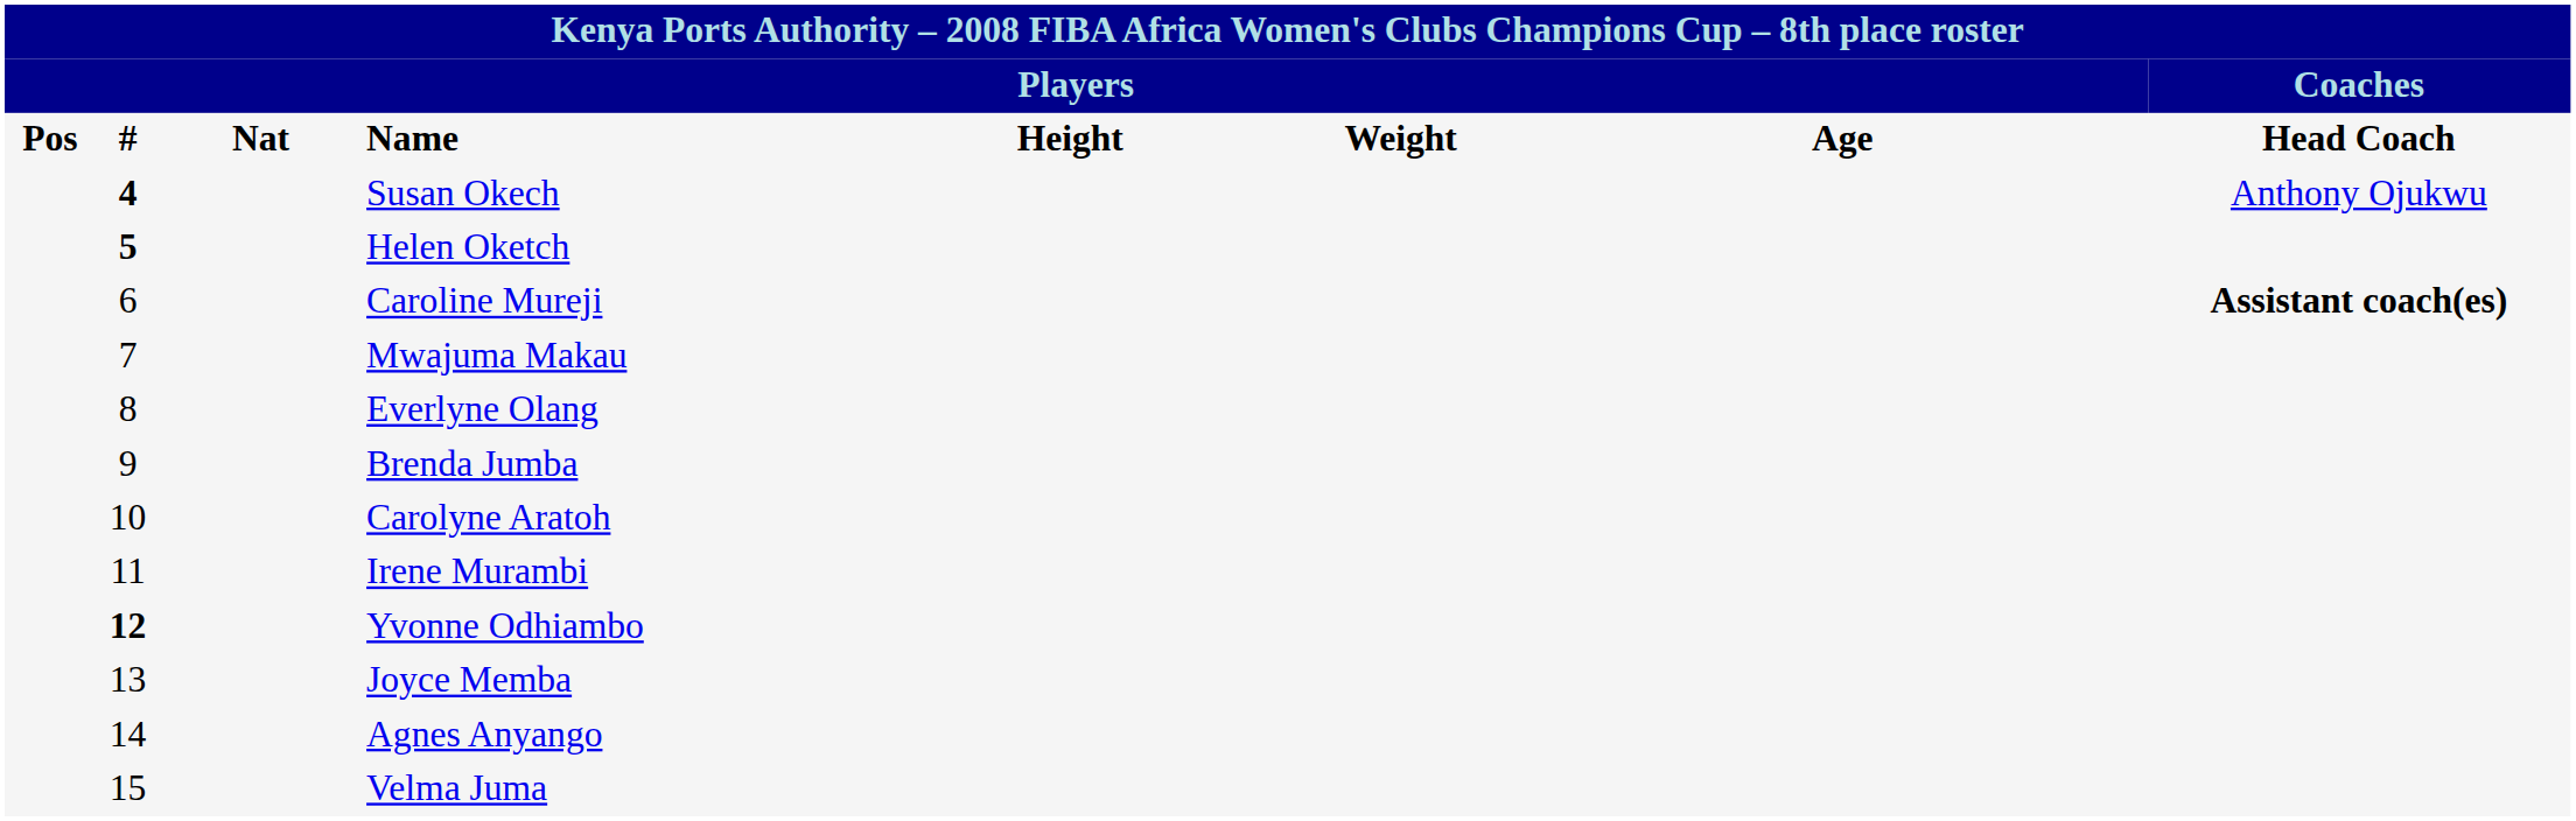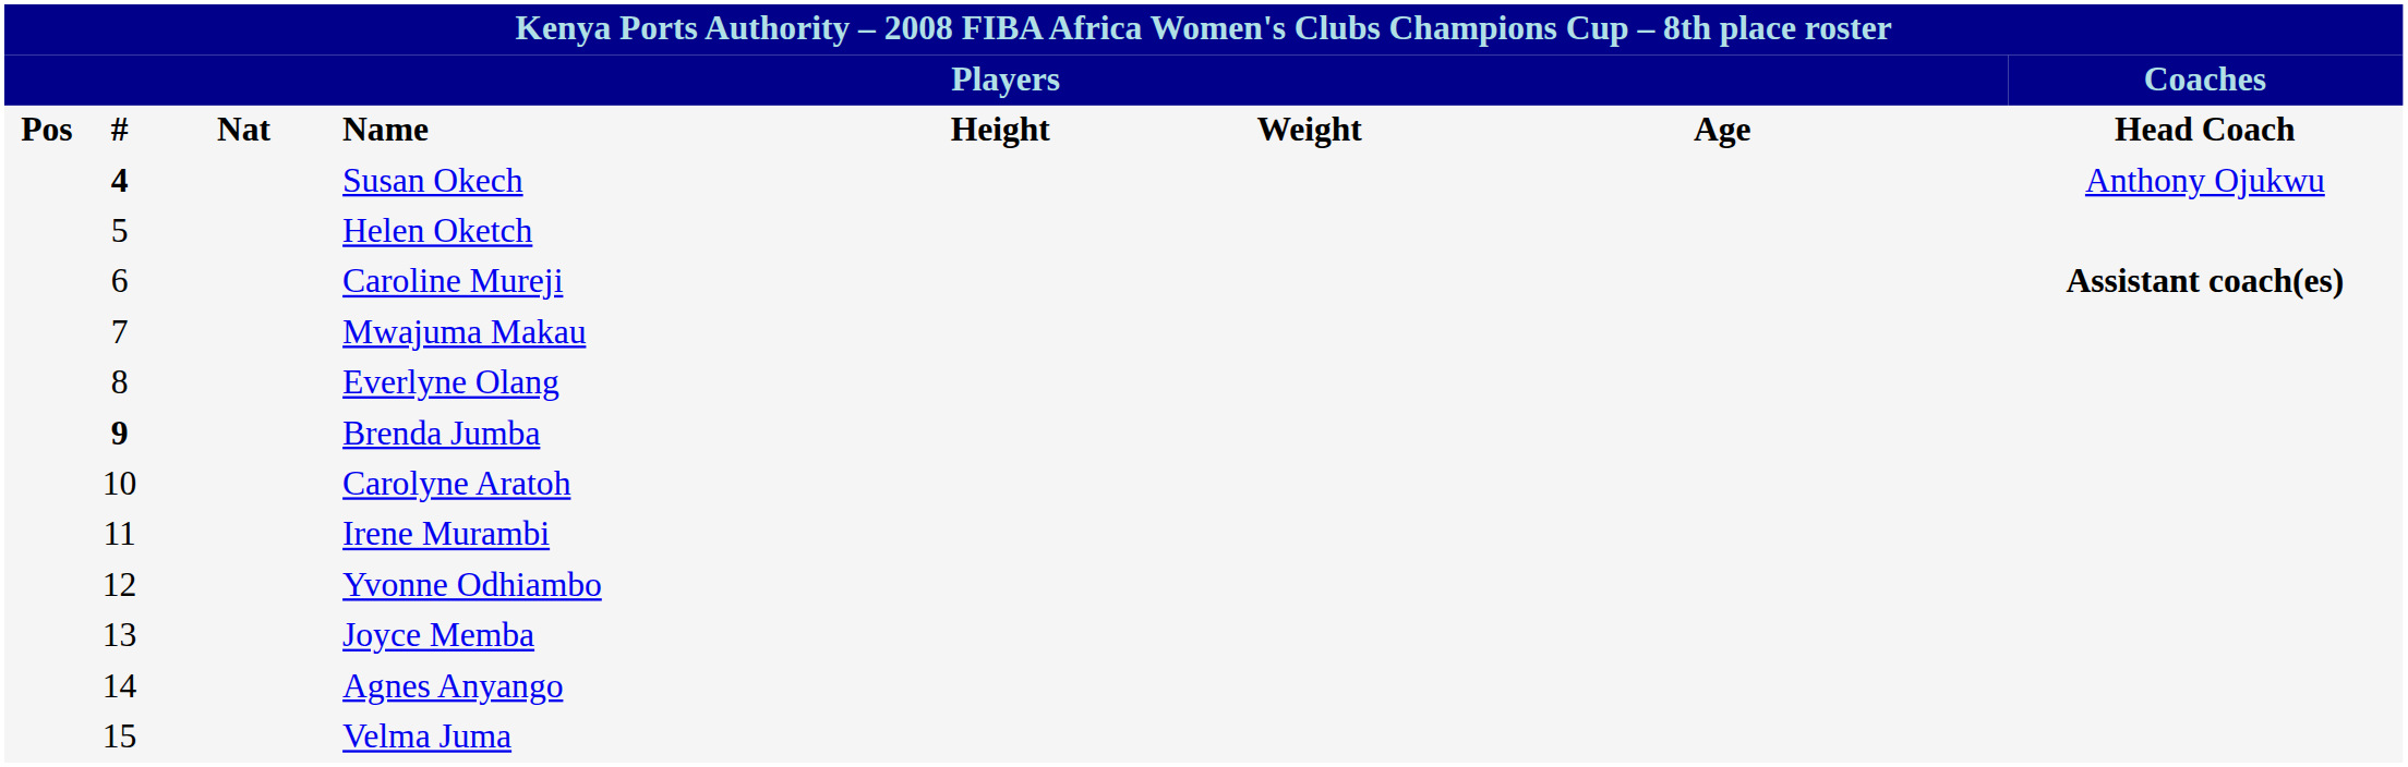 <table border=0 cellpadding=2 cellspacing=0  |- bgcolor=#f5f5f5 style="text-align:center; font-size:85%;" width=75%>
 <tr>
 <td colspan="8" style="background: #00008b; color: #b0e0e6"><strong>Kenya Ports Authority – 2008 FIBA Africa Women's Clubs Champions Cup – 8th place roster</strong></td>
 </tr>
 <tr>
 <td colspan="7" style="background: #00008b; color: #b0e0e6"><strong>Players</strong></td>
 <td style="background: #00008b; color: #b0e0e6"><strong>Coaches</strong></td>
 </tr>
 <tr style="background=#f5f5f5; color: black">
 <th width=5px>Pos</th>
 <th width=5px>#</th>
 <th width=50px>Nat</th>
 <th width=135px align=left>Name</th>
 <th width=100px>Height</th>
 <th width=70px>Weight</th>
 <th width=160px>Age</th>
 <th width=110px>Head Coach</th>
 </tr>
 <tr>
 <td></td>
 <td><strong>4</strong></td>
 <td></td>
 <td align=left><a href='#'>Susan Okech</a></td>
 <td></td>
 <td></td>
 <td><span></span></td>
 <td> <a href='#'>Anthony Ojukwu</a></td>
 </tr>
 <tr>
 <td></td>
-<td><strong>5</strong></td>
+<td>5</td>
 <td></td>
 <td align=left><a href='#'>Helen Oketch</a></td>
 <td></td>
 <td></td>
 <td><span></span></td>
 </tr>
 <tr>
 <td></td>
 <td>6</td>
 <td></td>
 <td align=left><a href='#'>Caroline Mureji</a></td>
 <td></td>
 <td></td>
 <td><span></span></td>
 <td><strong>Assistant coach(es)</strong></td>
 </tr>
 <tr>
 <td></td>
 <td>7</td>
 <td></td>
 <td align=left><a href='#'>Mwajuma Makau</a></td>
 <td></td>
 <td></td>
 <td><span></span></td>
 <td></td>
 </tr>
 <tr>
 <td></td>
 <td>8</td>
 <td></td>
 <td align=left><a href='#'>Everlyne Olang</a></td>
 <td></td>
 <td></td>
 <td><span></span></td>
 <td></td>
 </tr>
 <tr>
 <td></td>
-<td>9</td>
+<td><strong>9</strong></td>
 <td></td>
 <td align=left><a href='#'>Brenda Jumba</a></td>
 <td></td>
 <td></td>
 <td><span></span></td>
 </tr>
 <tr>
 <td></td>
 <td>10</td>
 <td></td>
 <td align=left><a href='#'>Carolyne Aratoh</a></td>
 <td></td>
 <td></td>
 <td><span></span></td>
 </tr>
 <tr>
 <td></td>
 <td>11</td>
 <td></td>
 <td align=left><a href='#'>Irene Murambi</a></td>
 <td></td>
 <td></td>
 <td><span></span></td>
 </tr>
 <tr>
 <td></td>
-<td><strong>12</strong></td>
+<td>12</td>
 <td></td>
 <td align=left><a href='#'>Yvonne Odhiambo</a></td>
 <td></td>
 <td></td>
 <td><span></span></td>
 </tr>
 <tr>
 <td></td>
 <td>13</td>
 <td></td>
 <td align=left><a href='#'>Joyce Memba</a></td>
 <td></td>
 <td></td>
 <td><span></span></td>
 </tr>
 <tr>
 <td></td>
 <td>14</td>
 <td></td>
 <td align=left><a href='#'>Agnes Anyango</a></td>
 <td></td>
 <td></td>
 <td><span></span></td>
 </tr>
 <tr>
 <td></td>
 <td>15</td>
 <td></td>
 <td align=left><a href='#'>Velma Juma</a></td>
 <td></td>
 <td></td>
 <td><span></span></td>
 </tr>
 </table>
